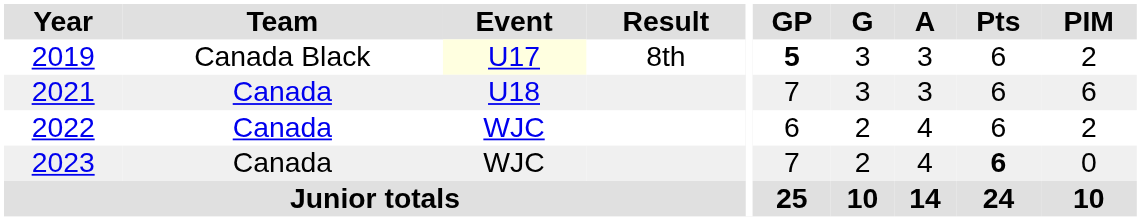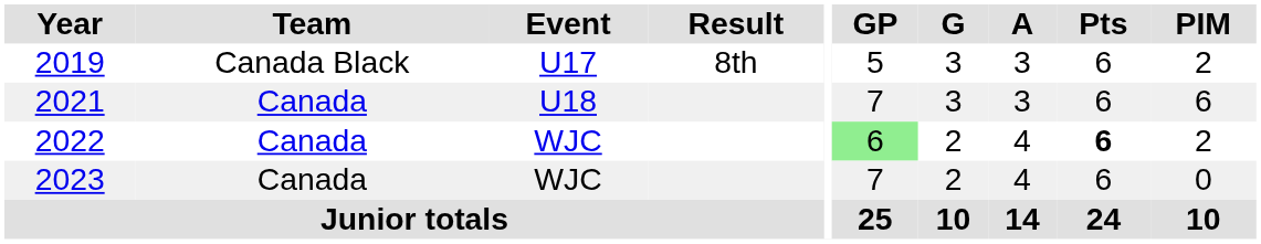 <table border="0" cellpadding="1" cellspacing="0" ID="Table3" style="text-align:center; width:40em;">
 <tr bgcolor="#e0e0e0">
 <th>Year</th>
 <th>Team</th>
 <th>Event</th>
 <th>Result</th>
 <th rowspan="99" bgcolor="#ffffff"></th>
 <th>GP</th>
 <th>G</th>
 <th>A</th>
 <th>Pts</th>
 <th>PIM</th>
 </tr>
 <tr>
 <td><a href='#'>2019</a></td>
 <td>Canada Black</td>
-<td style="background: lightyellow;"><a href='#'>U17</a></td>
+<td><a href='#'>U17</a></td>
 <td>8th</td>
-<td><strong>5</strong></td>
+<td>5</td>
 <td>3</td>
 <td>3</td>
 <td>6</td>
 <td>2</td>
 </tr>
 <tr bgcolor="#f0f0f0">
 <td><a href='#'>2021</a></td>
 <td><a href='#'>Canada</a></td>
 <td><a href='#'>U18</a></td>
 <td></td>
 <td>7</td>
 <td>3</td>
 <td>3</td>
 <td>6</td>
 <td>6</td>
 </tr>
 <tr>
 <td><a href='#'>2022</a></td>
 <td><a href='#'>Canada</a></td>
 <td><a href='#'>WJC</a></td>
 <td></td>
-<td>6</td>
+<td style="background: lightgreen;">6</td>
 <td>2</td>
 <td>4</td>
-<td>6</td>
+<td><strong>6</strong></td>
 <td>2</td>
 </tr>
 <tr bgcolor="#f0f0f0">
 <td><a href='#'>2023</a></td>
 <td>Canada</td>
 <td>WJC</td>
 <td></td>
 <td>7</td>
 <td>2</td>
 <td>4</td>
-<td><strong>6</strong></td>
+<td>6</td>
 <td>0</td>
 </tr>
 <tr bgcolor="#e0e0e0">
 <th colspan="4">Junior totals</th>
 <th>25</th>
 <th>10</th>
 <th>14</th>
 <th>24</th>
 <th>10</th>
 </tr>
 </table>
